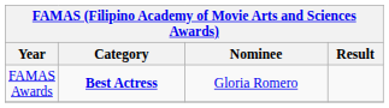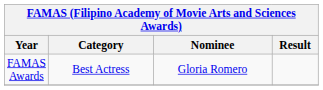 <table width="70%" class="wikitable sortable">
 <tr>
 <th colspan="4" align="center"><strong><a href='#'>FAMAS (Filipino Academy of Movie Arts and Sciences Awards)</a></strong></th>
 </tr>
 <tr>
 <th width="10%">Year</th>
 <th width="35%">Category</th>
 <th width="40%">Nominee</th>
 <th width="15%">Result</th>
 </tr>
 <tr>
 <td align="center"><a href='#'>FAMAS Awards</a></td>
-<td align="center"><strong><a href='#'>Best Actress</a></strong></td>
+<td align="center"><a href='#'>Best Actress</a></td>
 <td align="center"><a href='#'>Gloria Romero</a></td>
 <td></td>
 </tr>
 <tr>
 </tr>
 </table>
